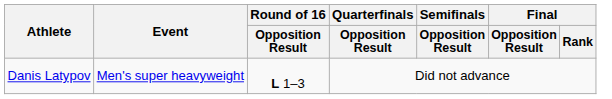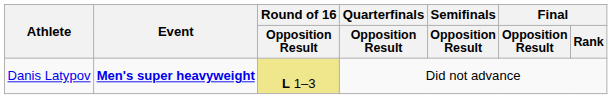 <table class="wikitable" style="font-size:90%">
 <tr>
 <th rowspan="2">Athlete</th>
 <th rowspan="2">Event</th>
 <th>Round of 16</th>
 <th>Quarterfinals</th>
 <th>Semifinals</th>
 <th colspan=2>Final</th>
 </tr>
 <tr style="font-size:95%">
 <th>Opposition<br>Result</th>
 <th>Opposition<br>Result</th>
 <th>Opposition<br>Result</th>
 <th>Opposition<br>Result</th>
 <th>Rank</th>
 </tr>
 <tr align=center>
 <td align=left><a href='#'>Danis Latypov</a></td>
-<td align=left><a href='#'>Men's super heavyweight</a></td>
-<td><br><strong>L</strong> 1–3</td>
+<td align=left><strong><a href='#'>Men's super heavyweight</a></strong></td>
+<td style="background: khaki;"><br><strong>L</strong> 1–3</td>
 <td colspan=4>Did not advance</td>
 </tr>
 </table>
